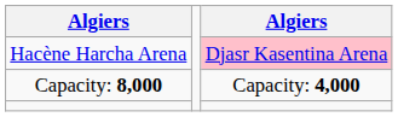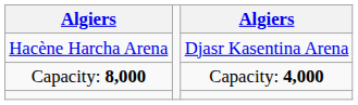 <table class="wikitable" style="text-align:center">
 <tr>
 <th><a href='#'>Algiers</a></th>
 <td rowspan="4"></td>
 <th><a href='#'>Algiers</a></th>
 </tr>
 <tr>
 <td><a href='#'>Hacène Harcha Arena</a></td>
-<td style="background: pink;"><a href='#'>Djasr Kasentina Arena</a></td>
+<td><a href='#'>Djasr Kasentina Arena</a></td>
 </tr>
 <tr>
 <td>Capacity: <strong>8,000</strong></td>
 <td>Capacity: <strong>4,000</strong></td>
 </tr>
 <tr>
 <td></td>
 <td></td>
 </tr>
 </table>
